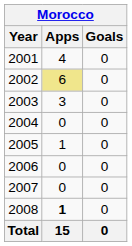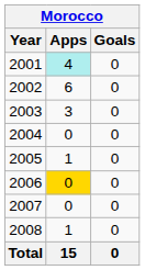 <table class="wikitable" style="text-align:center">
 <tr>
 <th colspan=3><a href='#'>Morocco</a></th>
 </tr>
 <tr>
 <th>Year</th>
 <th>Apps</th>
 <th>Goals</th>
 </tr>
 <tr>
 <td>2001</td>
-<td>4</td>
+<td style="background: paleturquoise;">4</td>
 <td>0</td>
 </tr>
 <tr>
 <td>2002</td>
-<td style="background: khaki;">6</td>
+<td>6</td>
 <td>0</td>
 </tr>
 <tr>
 <td>2003</td>
 <td>3</td>
 <td>0</td>
 </tr>
 <tr>
 <td>2004</td>
 <td>0</td>
 <td>0</td>
 </tr>
 <tr>
 <td>2005</td>
 <td>1</td>
 <td>0</td>
 </tr>
 <tr>
 <td>2006</td>
-<td>0</td>
+<td style="background: gold;">0</td>
 <td>0</td>
 </tr>
 <tr>
 <td>2007</td>
 <td>0</td>
 <td>0</td>
 </tr>
 <tr>
 <td>2008</td>
-<td><strong>1</strong></td>
+<td>1</td>
 <td>0</td>
 </tr>
 <tr>
 <th>Total</th>
 <th>15</th>
 <th>0</th>
 </tr>
 </table>
